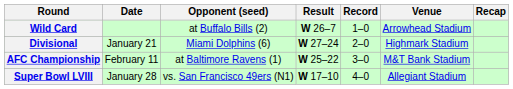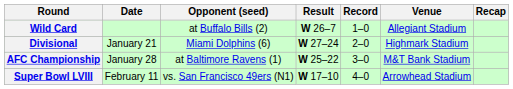 <table class="wikitable" style="text-align:center">
 <tr>
 <th>Round</th>
 <th>Date</th>
 <th>Opponent (seed)</th>
 <th>Result</th>
 <th>Record</th>
 <th>Venue</th>
 <th>Recap</th>
 </tr>
 <tr style="background:#cfc">
 <th><a href='#'>Wild Card</a></th>
 <td></td>
 <td>at <a href='#'>Buffalo Bills</a> (2)</td>
 <td><strong>W</strong> 26–7</td>
 <td>1–0</td>
-<td><a href='#'>Arrowhead Stadium</a></td>
+<td><a href='#'>Allegiant Stadium</a></td>
 <td></td>
 </tr>
 <tr style="background:#cfc">
 <th><a href='#'>Divisional</a></th>
 <td>January 21</td>
 <td><a href='#'>Miami Dolphins</a> (6)</td>
 <td><strong>W</strong> 27–24</td>
 <td>2–0</td>
 <td><a href='#'>Highmark Stadium</a></td>
 <td></td>
 </tr>
 <tr style="background:#cfc">
 <th><a href='#'>AFC Championship</a></th>
-<td>February 11</td>
+<td>January 28</td>
 <td>at <a href='#'>Baltimore Ravens</a> (1)</td>
 <td><strong>W</strong> 25–22 </td>
 <td>3–0</td>
 <td><a href='#'>M&T Bank Stadium</a></td>
 <td></td>
 </tr>
 <tr style="background:#cfc">
 <th><a href='#'>Super Bowl LVIII</a></th>
-<td>January 28</td>
+<td>February 11</td>
 <td>vs. <a href='#'>San Francisco 49ers</a> (N1)</td>
 <td><strong>W</strong> 17–10</td>
 <td>4–0</td>
-<td><a href='#'>Allegiant Stadium</a></td>
+<td><a href='#'>Arrowhead Stadium</a></td>
 <td></td>
 </tr>
 </table>
